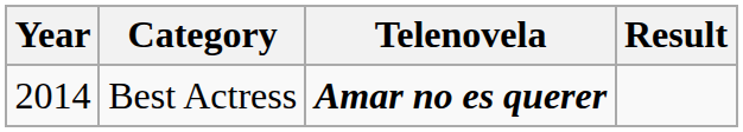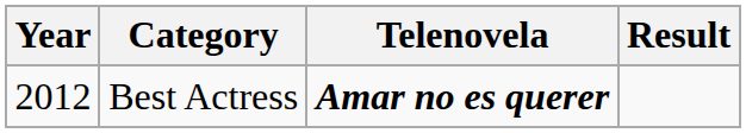 <table class="wikitable">
 <tr style="background:#b0c4de;">
 <th>Year</th>
 <th>Category</th>
 <th>Telenovela</th>
 <th>Result</th>
 </tr>
 <tr>
-<td>2014</td>
+<td>2012</td>
 <td>Best Actress</td>
 <td><strong><em>Amar no es querer</em></strong></td>
 <td></td>
 </tr>
 </table>
